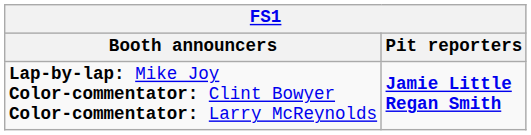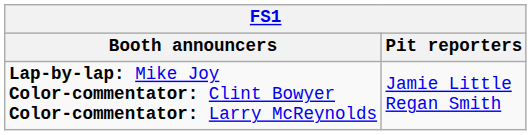 <table class="wikitable" style="font-size: 95%;">
 <tr>
 <th colspan="2"><a href='#'>FS1</a></th>
 </tr>
 <tr>
 <th>Booth announcers</th>
 <th>Pit reporters</th>
 </tr>
 <tr>
 <td><strong>Lap-by-lap:</strong> <a href='#'>Mike Joy</a><br><strong>Color-commentator:</strong> <a href='#'>Clint Bowyer</a><br><strong>Color-commentator:</strong> <a href='#'>Larry McReynolds</a></td>
-<td><strong><a href='#'>Jamie Little</a><br><a href='#'>Regan Smith</a></strong></td>
+<td><a href='#'>Jamie Little</a><br><a href='#'>Regan Smith</a></td>
 </tr>
 </table>
